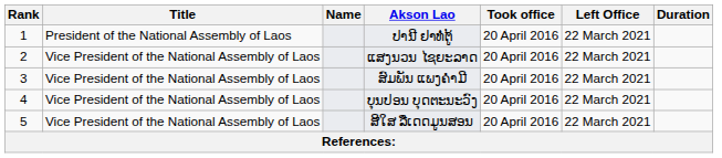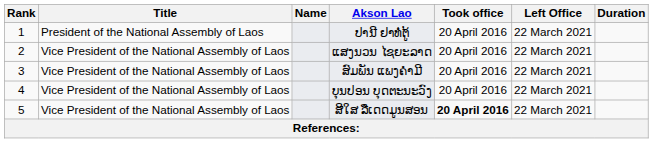 <table class="wikitable sortable" style=text-align:center>
 <tr>
 <th>Rank</th>
 <th>Title</th>
 <th>Name</th>
 <th class="unsortable"><a href='#'>Akson Lao</a></th>
 <th>Took office</th>
 <th>Left Office</th>
 <th>Duration</th>
 </tr>
 <tr>
 <td>1</td>
 <td align="left">President of the National Assembly of Laos</td>
 <td bgcolor = #EAECF0></td>
 <td bgcolor = #EAECF0>ປານີ ຢາທໍ່ຕູ້</td>
 <td>20 April 2016</td>
 <td>22 March 2021</td>
 <td></td>
 </tr>
 <tr>
 <td>2</td>
 <td align="left">Vice President of the National Assembly of Laos</td>
 <td bgcolor = #EAECF0></td>
 <td bgcolor = #EAECF0>ແສງນວນ ໄຊຍະລາດ</td>
 <td>20 April 2016</td>
 <td>22 March 2021</td>
 <td></td>
 </tr>
 <tr>
 <td>3</td>
 <td align="left">Vice President of the National Assembly of Laos</td>
 <td bgcolor = #EAECF0></td>
 <td bgcolor = #EAECF0>ສົມພັນ ແພງຄຳມີ</td>
 <td>20 April 2016</td>
 <td>22 March 2021</td>
 <td></td>
 </tr>
 <tr>
 <td>4</td>
 <td align="left">Vice President of the National Assembly of Laos</td>
 <td bgcolor = #EAECF0></td>
 <td bgcolor = #EAECF0>ບຸນປອນ ບຸດຕະນະວົງ</td>
 <td>20 April 2016</td>
 <td>22 March 2021</td>
 <td></td>
 </tr>
 <tr>
 <td>5</td>
 <td align="left">Vice President of the National Assembly of Laos</td>
 <td bgcolor = #EAECF0></td>
 <td bgcolor = #EAECF0>ສີໃສ ລືເດດມູນສອນ</td>
-<td>20 April 2016</td>
+<td><strong>20 April 2016</strong></td>
 <td>22 March 2021</td>
 <td></td>
 </tr>
 <tr>
 <th colspan="7" unsortable><strong>References:</strong><br></th>
 </tr>
 </table>
